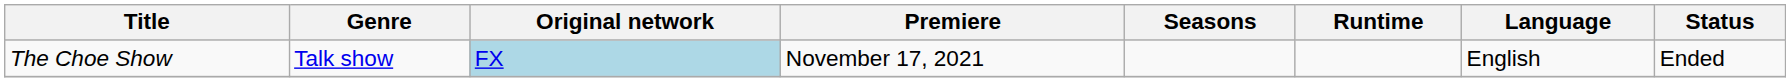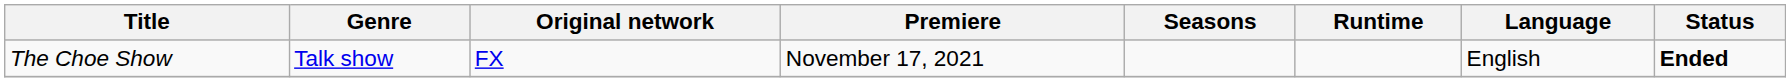 <table class="wikitable sortable" style="width:100%;">
 <tr>
 <th>Title</th>
 <th>Genre</th>
 <th>Original network</th>
 <th>Premiere</th>
 <th>Seasons</th>
 <th>Runtime</th>
 <th>Language</th>
 <th>Status</th>
 </tr>
 <tr>
 <td><em>The Choe Show</em></td>
 <td><a href='#'>Talk show</a></td>
-<td style="background: lightblue;"><a href='#'>FX</a></td>
+<td><a href='#'>FX</a></td>
 <td>November 17, 2021</td>
 <td></td>
 <td></td>
 <td>English</td>
-<td>Ended</td>
+<td><strong>Ended</strong></td>
 </tr>
 <tr>
 </tr>
 </table>
